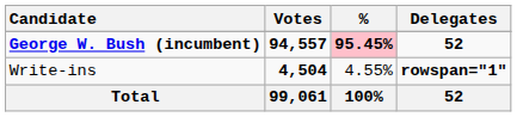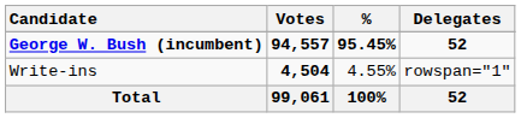 <table class="wikitable sortable plainrowheaders" style="text-align:right;">
 <tr>
 <th style="text-align:left;">Candidate</th>
 <th>Votes</th>
 <th>%</th>
 <th>Delegates</th>
 </tr>
 <tr>
 </tr>
 <tr>
 <td style="text-align:left;"><strong><a href='#'>George W. Bush</a></strong> <strong>(incumbent)</strong></td>
 <td><strong>94,557</strong></td>
-<td style="background: pink;"><strong>95.45%</strong></td>
+<td><strong>95.45%</strong></td>
 <td style="text-align:center;"><strong>52</strong></td>
 </tr>
 <tr>
 <td style="text-align:left;">Write-ins</td>
 <td><strong>4,504</strong></td>
 <td>4.55%</td>
-<td><strong>rowspan="1" </strong></td>
+<td>rowspan="1" </td>
 </tr>
 <tr class="sortbottom">
 <th>Total</th>
 <th>99,061</th>
 <th>100%</th>
 <th>52</th>
 </tr>
 </table>
